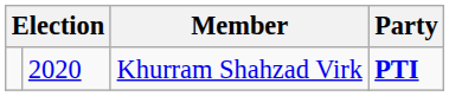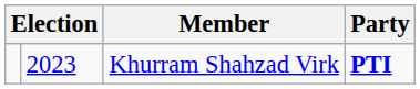 <table class="wikitable">
 <tr>
 <th colspan="2">Election</th>
 <th>Member</th>
 <th>Party</th>
 </tr>
 <tr>
 <td style="background-color: "></td>
-<td><a href='#'>2020</a></td>
+<td><a href='#'>2023</a></td>
 <td><a href='#'>Khurram Shahzad Virk</a></td>
 <td><strong><a href='#'>PTI</a></strong></td>
 </tr>
 </table>
